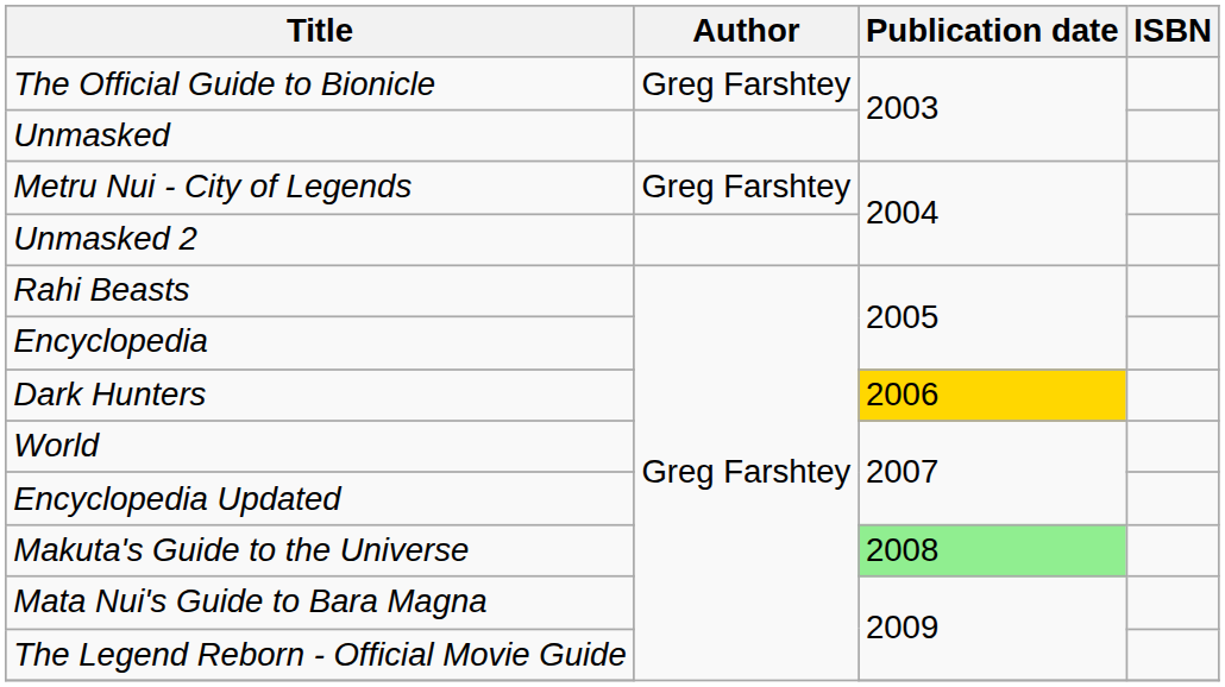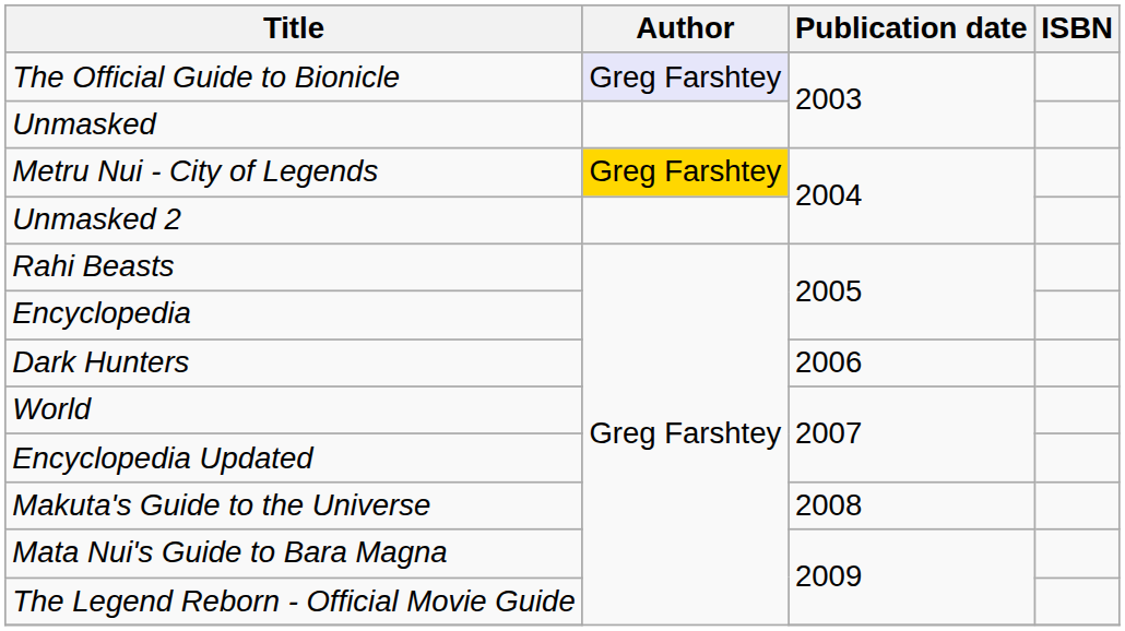 <table class="wikitable">
 <tr>
 <th>Title</th>
 <th>Author</th>
 <th>Publication date</th>
 <th>ISBN</th>
 </tr>
 <tr>
 <td><em>The Official Guide to Bionicle</em></td>
-<td>Greg Farshtey</td>
+<td style="background: lavender;">Greg Farshtey</td>
 <td Rowspan="2">2003</td>
 <td></td>
 </tr>
 <tr>
 <td><em>Unmasked</em></td>
 <td></td>
 <td></td>
 </tr>
 <tr>
 <td><em>Metru Nui - City of Legends</em></td>
-<td>Greg Farshtey</td>
+<td style="background: gold;">Greg Farshtey</td>
 <td Rowspan="2">2004</td>
 <td></td>
 </tr>
 <tr>
 <td><em>Unmasked 2</em></td>
 <td></td>
 <td></td>
 </tr>
 <tr>
 <td><em>Rahi Beasts</em></td>
 <td Rowspan="9">Greg Farshtey</td>
 <td Rowspan="2">2005</td>
 <td></td>
 </tr>
 <tr>
 <td><em>Encyclopedia</em></td>
 <td></td>
 </tr>
 <tr>
 <td><em>Dark Hunters</em></td>
-<td style="background: gold;">2006</td>
+<td>2006</td>
 <td></td>
 </tr>
 <tr>
 <td><em>World</em></td>
 <td Rowspan="2">2007</td>
 <td></td>
 </tr>
 <tr>
 <td><em>Encyclopedia Updated</em></td>
 <td></td>
 </tr>
 <tr>
 <td><em>Makuta's Guide to the Universe</em></td>
-<td style="background: lightgreen;">2008</td>
+<td>2008</td>
 <td></td>
 </tr>
 <tr>
 <td><em>Mata Nui's Guide to Bara Magna</em></td>
 <td Rowspan="2">2009</td>
 <td></td>
 </tr>
 <tr>
 <td><em>The Legend Reborn - Official Movie Guide</em></td>
 <td></td>
 </tr>
 <tr>
 </tr>
 </table>
